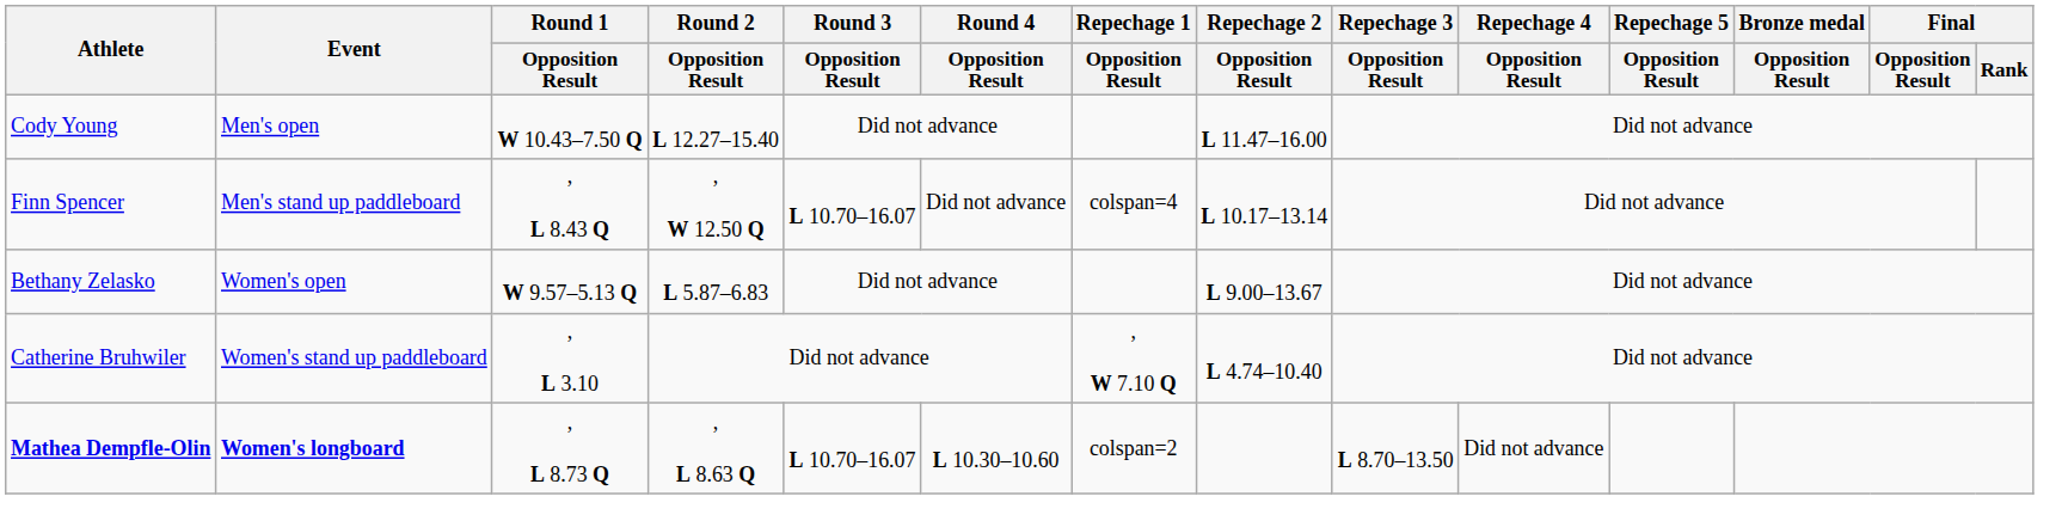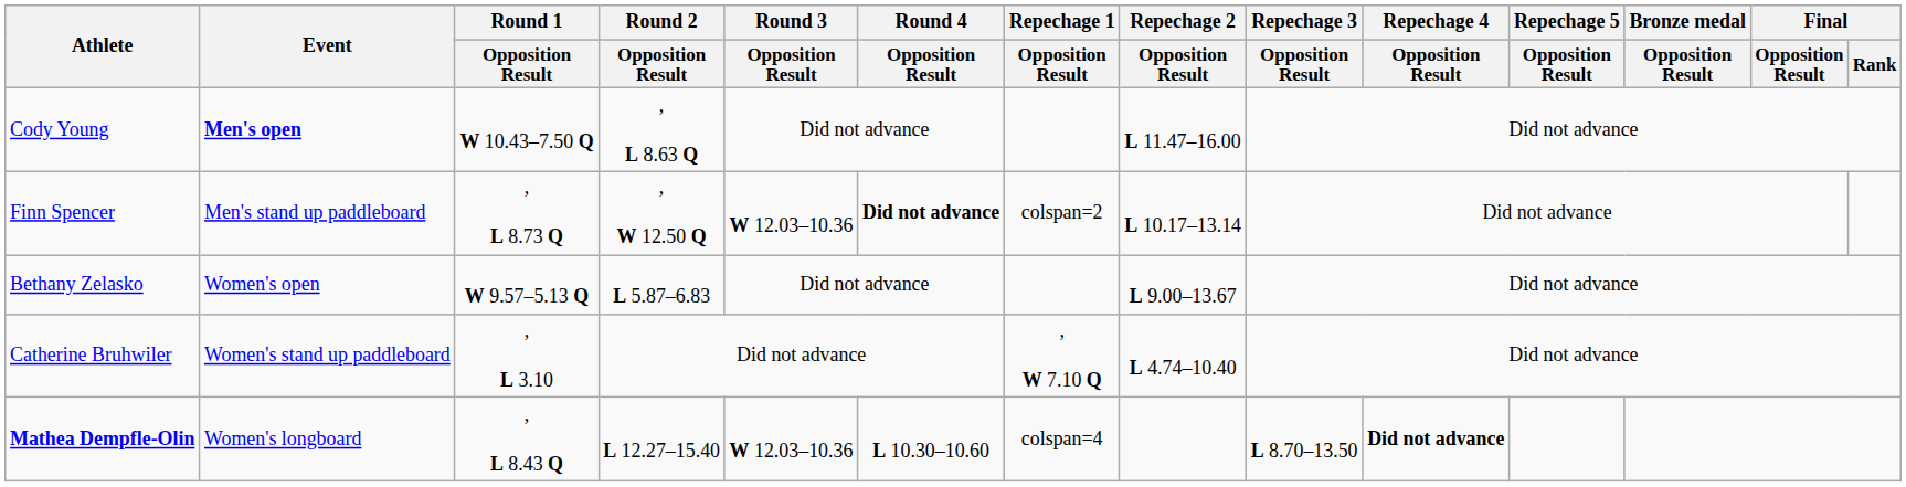 <table class=wikitable style=font-size:75%;text-align:center>
 <tr>
 <th rowspan=2>Athlete</th>
 <th rowspan=2>Event</th>
 <th>Round 1</th>
 <th>Round 2</th>
 <th>Round 3</th>
 <th>Round 4</th>
 <th>Repechage 1</th>
 <th>Repechage 2</th>
 <th>Repechage 3</th>
 <th>Repechage 4</th>
 <th>Repechage 5</th>
 <th>Bronze medal</th>
 <th colspan=2>Final</th>
 </tr>
 <tr style=font-size:95%>
 <th>Opposition<br>Result</th>
 <th>Opposition<br>Result</th>
 <th>Opposition<br>Result</th>
 <th>Opposition<br>Result</th>
 <th>Opposition<br>Result</th>
 <th>Opposition<br>Result</th>
 <th>Opposition<br>Result</th>
 <th>Opposition<br>Result</th>
 <th>Opposition<br>Result</th>
 <th>Opposition<br>Result</th>
 <th>Opposition<br>Result</th>
 <th>Rank</th>
 </tr>
 <tr>
 <td align=left><a href='#'>Cody Young</a></td>
-<td align=left><a href='#'>Men's open</a></td>
+<td align=left><strong><a href='#'>Men's open</a></strong></td>
 <td><br><strong>W</strong> 10.43–7.50 <strong>Q</strong></td>
-<td><br><strong>L</strong> 12.27–15.40</td>
+<td>,<br><br><strong>L</strong> 8.63 <strong>Q</strong></td>
 <td colspan=2>Did not advance</td>
 <td></td>
 <td><br><strong>L</strong> 11.47–16.00</td>
 <td colspan=6>Did not advance</td>
 </tr>
 <tr>
 <td align=left><a href='#'>Finn Spencer</a></td>
 <td align=left><a href='#'>Men's stand up paddleboard</a></td>
-<td>,<br><br><strong>L</strong> 8.43 <strong>Q</strong></td>
+<td>,<br><br><strong>L</strong> 8.73 <strong>Q</strong></td>
 <td>,<br><br><strong>W</strong> 12.50 <strong>Q</strong></td>
-<td><br><strong>L</strong> 10.70–16.07</td>
-<td>Did not advance</td>
-<td>colspan=4 </td>
+<td><br><strong>W</strong> 12.03–10.36</td>
+<td><strong>Did not advance</strong></td>
+<td>colspan=2 </td>
 <td><br><strong>L</strong> 10.17–13.14</td>
 <td colspan=5>Did not advance</td>
 </tr>
 <tr>
 <td align=left><a href='#'>Bethany Zelasko</a></td>
 <td align=left><a href='#'>Women's open</a></td>
 <td><br><strong>W</strong> 9.57–5.13 <strong>Q</strong></td>
 <td><br><strong>L</strong> 5.87–6.83</td>
 <td colspan=2>Did not advance</td>
 <td></td>
 <td><br><strong>L</strong> 9.00–13.67</td>
 <td colspan=7>Did not advance</td>
 </tr>
 <tr>
 <td align=left><a href='#'>Catherine Bruhwiler</a></td>
 <td align=left><a href='#'>Women's stand up paddleboard</a></td>
 <td>,<br><br><strong>L</strong> 3.10</td>
 <td colspan=3>Did not advance</td>
 <td>,<br><br><strong>W</strong> 7.10 <strong>Q</strong></td>
 <td><br><strong>L</strong> 4.74–10.40</td>
 <td colspan=6>Did not advance</td>
 </tr>
 <tr>
 <td align=left><strong><a href='#'>Mathea Dempfle-Olin</a></strong></td>
-<td align=left><strong><a href='#'>Women's longboard</a></strong></td>
-<td>,<br><br><strong>L</strong> 8.73 <strong>Q</strong></td>
-<td>,<br><br><strong>L</strong> 8.63 <strong>Q</strong></td>
-<td><br><strong>L</strong> 10.70–16.07</td>
+<td align=left><a href='#'>Women's longboard</a></td>
+<td>,<br><br><strong>L</strong> 8.43 <strong>Q</strong></td>
+<td><br><strong>L</strong> 12.27–15.40</td>
+<td><br><strong>W</strong> 12.03–10.36</td>
 <td><br><strong>L</strong> 10.30–10.60</td>
-<td>colspan=2 </td>
+<td>colspan=4 </td>
 <td></td>
 <td><br><strong>L</strong> 8.70–13.50</td>
-<td>Did not advance</td>
+<td><strong>Did not advance</strong></td>
 <td></td>
 </tr>
 </table>
